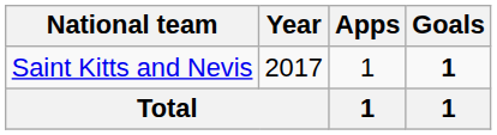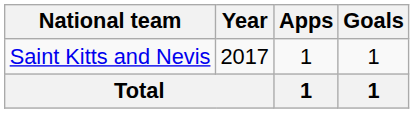 <table class="wikitable" style="text-align: center;">
 <tr>
 <th>National team</th>
 <th>Year</th>
 <th>Apps</th>
 <th>Goals</th>
 </tr>
 <tr>
 <td rowspan="1"><a href='#'>Saint Kitts and Nevis</a></td>
 <td>2017</td>
 <td>1</td>
-<td><strong>1</strong></td>
+<td>1</td>
 </tr>
 <tr>
 <th colspan=2>Total</th>
 <th>1</th>
 <th>1</th>
 </tr>
 </table>
